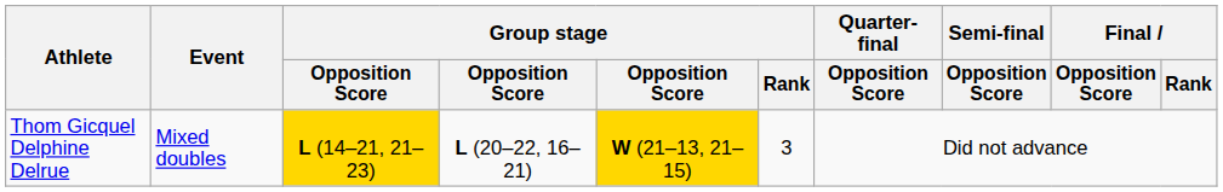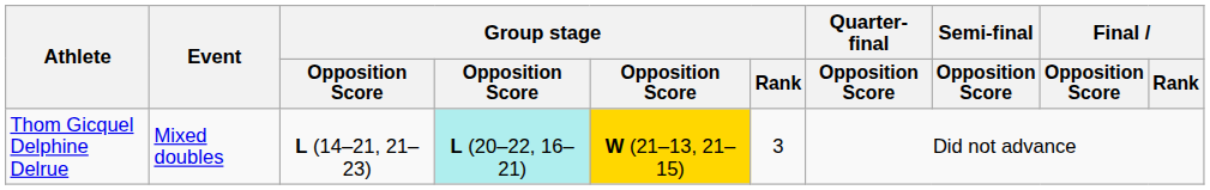 <table class="wikitable" style="font-size:90%">
 <tr>
 <th rowspan="2">Athlete</th>
 <th rowspan="2">Event</th>
 <th colspan="4">Group stage</th>
 <th>Quarter-final</th>
 <th>Semi-final</th>
 <th colspan="2">Final / </th>
 </tr>
 <tr style="font-size:95%">
 <th>Opposition<br>Score</th>
 <th>Opposition<br>Score</th>
 <th>Opposition<br>Score</th>
 <th>Rank</th>
 <th>Opposition<br>Score</th>
 <th>Opposition<br>Score</th>
 <th>Opposition<br>Score</th>
 <th>Rank</th>
 </tr>
 <tr align="center">
 <td align="left"><a href='#'>Thom Gicquel</a><br><a href='#'>Delphine Delrue</a></td>
 <td align="left"><a href='#'>Mixed doubles</a></td>
-<td style="background: gold;"><br><strong>L</strong> (14–21, 21–23)</td>
-<td><br><strong>L</strong> (20–22, 16–21)</td>
+<td><br><strong>L</strong> (14–21, 21–23)</td>
+<td style="background: paleturquoise;"><br><strong>L</strong> (20–22, 16–21)</td>
 <td style="background: gold;"><br><strong>W</strong> (21–13, 21–15)</td>
 <td>3</td>
 <td colspan="4">Did not advance</td>
 </tr>
 </table>
